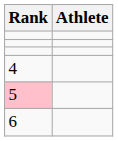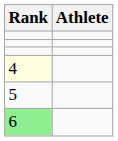 <table class="wikitable" style="text-align:left">
 <tr>
 <th>Rank</th>
 <th>Athlete</th>
 </tr>
 <tr>
 <td></td>
 <td align=left></td>
 </tr>
 <tr>
 <td></td>
 <td align=left></td>
 </tr>
 <tr>
 <td></td>
 <td align=left></td>
 </tr>
 <tr>
-<td>4</td>
+<td style="background: lightyellow;">4</td>
 <td align=left></td>
 </tr>
 <tr>
-<td style="background: pink;">5</td>
+<td>5</td>
 <td align=left></td>
 </tr>
 <tr>
-<td>6</td>
+<td style="background: lightgreen;">6</td>
 <td align=left></td>
 </tr>
 </table>
